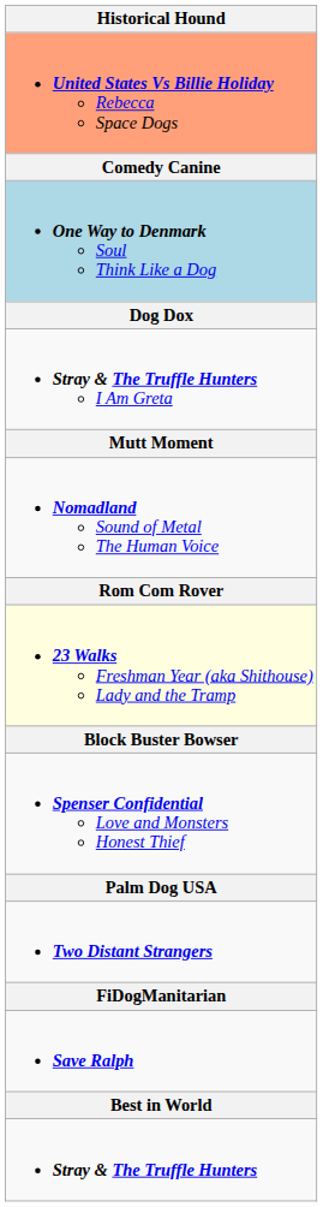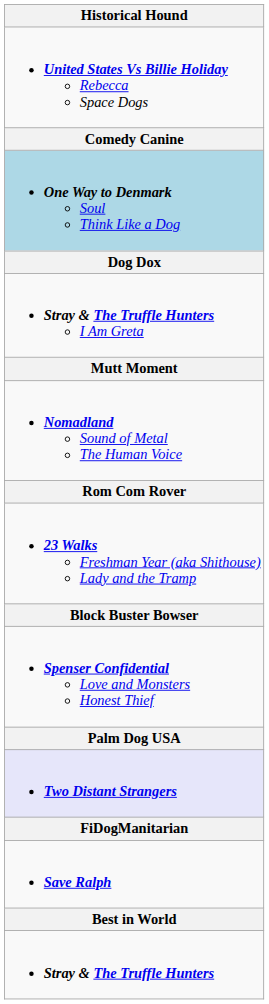 <table class="wikitable">
 <tr>
 <th><strong>Historical Hound</strong></th>
 </tr>
 <tr>
-<td style="background: lightsalmon;"><br><ul><li><strong><a href='#'><em>United States Vs Billie Holiday</em></a></strong><ul><li><a href='#'><em>Rebecca</em></a></li><li><em>Space Dogs</em></li></ul></li></ul></td>
+<td><br><ul><li><strong><a href='#'><em>United States Vs Billie Holiday</em></a></strong><ul><li><a href='#'><em>Rebecca</em></a></li><li><em>Space Dogs</em></li></ul></li></ul></td>
 </tr>
 <tr>
 <th>Comedy Canine</th>
 </tr>
 <tr>
 <td style="background: lightblue;"><br><ul><li><strong><em>One Way to Denmark</em></strong><ul><li><a href='#'><em>Soul</em></a></li><li><em><a href='#'>Think Like a Dog</a></em></li></ul></li></ul></td>
 </tr>
 <tr>
 <th><strong>Dog Dox</strong></th>
 </tr>
 <tr>
 <td><br><ul><li><strong><em>Stray<strong> & </strong><a href='#'>The Truffle Hunters</a></em></strong><ul><li><em><a href='#'>I Am Greta</a></em></li></ul></li></ul></td>
 </tr>
 <tr>
 <th>Mutt Moment</th>
 </tr>
 <tr>
 <td><br><ul><li><strong><em><a href='#'>Nomadland</a></em></strong><ul><li><em><a href='#'>Sound of Metal</a></em></li><li><a href='#'><em>The Human Voice</em></a></li></ul></li></ul></td>
 </tr>
 <tr>
 <th>Rom Com Rover</th>
 </tr>
 <tr>
-<td style="background: lightyellow;"><br><ul><li><strong><em><a href='#'>23 Walks</a>  </em></strong><ul><li><a href='#'><em>Freshman Year (aka Shithouse)</em></a></li><li><a href='#'><em>Lady and the Tramp</em></a></li></ul></li></ul></td>
+<td><br><ul><li><strong><em><a href='#'>23 Walks</a>  </em></strong><ul><li><a href='#'><em>Freshman Year (aka Shithouse)</em></a></li><li><a href='#'><em>Lady and the Tramp</em></a></li></ul></li></ul></td>
 </tr>
 <tr>
 <th>Block Buster Bowser</th>
 </tr>
 <tr>
 <td><br><ul><li><strong><em><a href='#'>Spenser Confidential</a></em></strong><ul><li><a href='#'><em>Love and Monsters</em></a></li><li><em><a href='#'>Honest Thief</a></em></li></ul></li></ul></td>
 </tr>
 <tr>
 <th>Palm Dog USA</th>
 </tr>
 <tr>
-<td><br><ul><li><strong><em><a href='#'>Two Distant Strangers</a></em></strong></li></ul></td>
+<td style="background: lavender;"><br><ul><li><strong><em><a href='#'>Two Distant Strangers</a></em></strong></li></ul></td>
 </tr>
 <tr>
 <th>FiDogManitarian</th>
 </tr>
 <tr>
 <td><br><ul><li><strong><em><a href='#'>Save Ralph</a></em></strong></li></ul></td>
 </tr>
 <tr>
 <th>Best in World</th>
 </tr>
 <tr>
 <td><br><ul><li><strong><em>Stray<strong> & </strong><a href='#'>The Truffle Hunters</a></em></strong></li></ul></td>
 </tr>
 </table>
